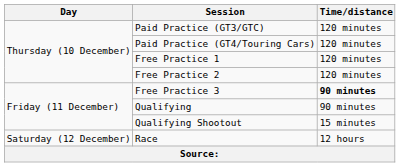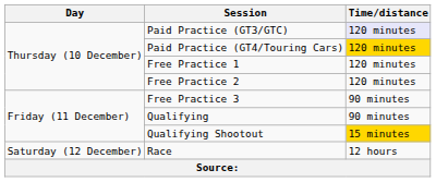 <table class="wikitable" style="font-size: 90%;">
 <tr>
 <th>Day</th>
 <th>Session</th>
 <th>Time/distance</th>
 </tr>
 <tr>
 <td rowspan=4>Thursday (10 December)</td>
 <td>Paid Practice (GT3/GTC)</td>
-<td>120 minutes</td>
+<td style="background: lavender;">120 minutes</td>
 </tr>
 <tr>
 <td>Paid Practice (GT4/Touring Cars)</td>
-<td>120 minutes</td>
+<td style="background: gold;">120 minutes</td>
 </tr>
 <tr>
 <td>Free Practice 1</td>
 <td>120 minutes</td>
 </tr>
 <tr>
 <td>Free Practice 2</td>
 <td>120 minutes</td>
 </tr>
 <tr>
 <td rowspan=3>Friday (11 December)</td>
 <td>Free Practice 3</td>
-<td><strong>90 minutes</strong></td>
+<td>90 minutes</td>
 </tr>
 <tr>
 <td>Qualifying</td>
 <td>90 minutes</td>
 </tr>
 <tr>
 <td>Qualifying Shootout</td>
-<td>15 minutes</td>
+<td style="background: gold;">15 minutes</td>
 </tr>
 <tr>
 <td>Saturday (12 December)</td>
 <td>Race</td>
 <td>12 hours</td>
 </tr>
 <tr>
 <th colspan=3>Source: </th>
 </tr>
 </table>
